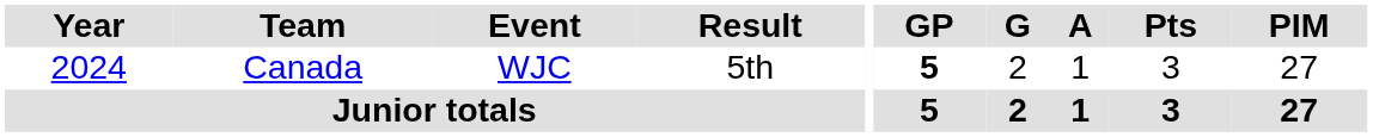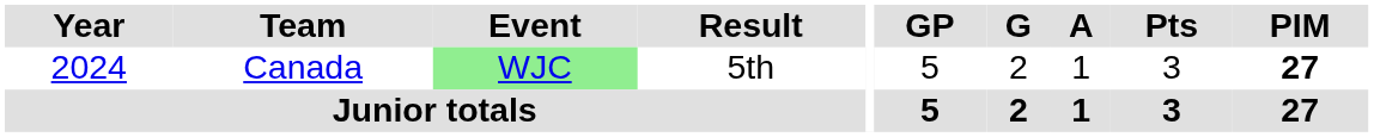 <table border="0" cellpadding="1" cellspacing="0" ID="Table3" style="text-align:center; width:40em">
 <tr bgcolor="#e0e0e0">
 <th>Year</th>
 <th>Team</th>
 <th>Event</th>
 <th>Result</th>
 <th rowspan="99" bgcolor="#ffffff"></th>
 <th>GP</th>
 <th>G</th>
 <th>A</th>
 <th>Pts</th>
 <th>PIM</th>
 </tr>
 <tr>
 <td><a href='#'>2024</a></td>
 <td><a href='#'>Canada</a></td>
-<td><a href='#'>WJC</a></td>
+<td style="background: lightgreen;"><a href='#'>WJC</a></td>
 <td>5th</td>
-<td><strong>5</strong></td>
+<td>5</td>
 <td>2</td>
 <td>1</td>
 <td>3</td>
-<td>27</td>
+<td><strong>27</strong></td>
 </tr>
 <tr bgcolor="#e0e0e0">
 <th colspan="4">Junior totals</th>
 <th>5</th>
 <th>2</th>
 <th>1</th>
 <th>3</th>
 <th>27</th>
 </tr>
 </table>
